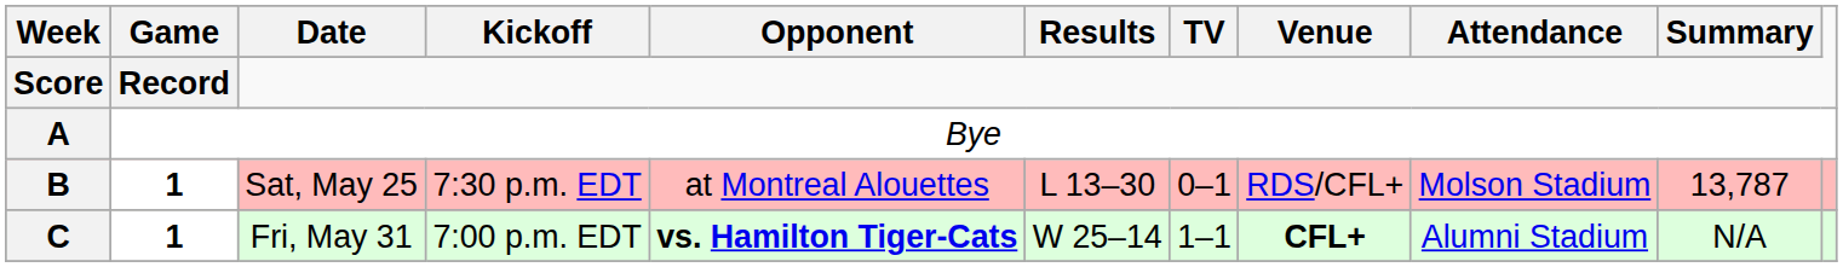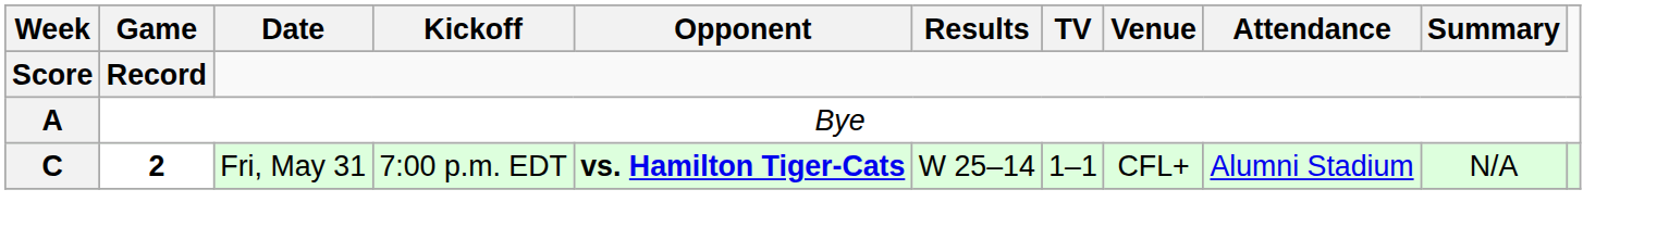 <table class="wikitable" style="font-size: 95%;">
 <tr>
 <th scope="col">Week</th>
 <th scope="col">Game</th>
 <th scope="col">Date</th>
 <th scope="col">Kickoff</th>
 <th scope="col">Opponent</th>
 <th scope="col">Results</th>
 <th scope="col">TV</th>
 <th scope="col">Venue</th>
 <th scope="col">Attendance</th>
 <th scope="col">Summary</th>
 </tr>
 <tr>
 <th scope="col">Score</th>
 <th scope="col">Record</th>
 </tr>
 <tr align="center"= bgcolor="ffffff">
 <th align="center"><strong>A</strong></th>
 <td colspan=10 align="center" valign="middle"><em>Bye</em></td>
 </tr>
-<tr align="center"= bgcolor="ffbbbb">
-<th align="center"><strong>B</strong></th>
-<th style="text-align:center; background:white;"><span>1</span></th>
-<td align="center">Sat, May 25</td>
-<td align="center">7:30 p.m. <a href='#'>EDT</a></td>
-<td align="center">at <a href='#'>Montreal Alouettes</a></td>
-<td align="center">L 13–30</td>
-<td align="center">0–1</td>
-<td align="center"><a href='#'>RDS</a>/CFL+</td>
-<td align="center"><a href='#'>Molson Stadium</a></td>
-<td align="center">13,787</td>
-<td align="center"></td>
-</tr>
 <tr align="center"= bgcolor="ddffdd">
 <th align="center"><strong>C</strong></th>
-<th style="text-align:center; background:white;"><span>1</span></th>
+<th style="text-align:center; background:white;"><span>2</span></th>
 <td align="center">Fri, May 31</td>
 <td align="center">7:00 p.m. EDT</td>
 <td align="center"><strong>vs. <a href='#'>Hamilton Tiger-Cats</a></strong></td>
 <td align="center">W 25–14</td>
 <td align="center">1–1</td>
-<td align="center"><strong>CFL+</strong></td>
+<td align="center">CFL+</td>
 <td align="center"><a href='#'>Alumni Stadium</a></td>
 <td align="center">N/A</td>
 <td align="center"></td>
 </tr>
 </table>
